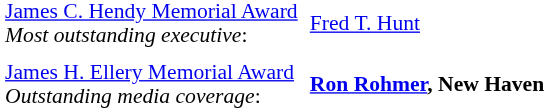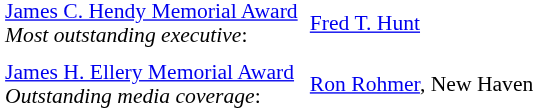 <table cellpadding="3" cellspacing="3">
 <tr>
 <td><a href='#'>James C. Hendy Memorial Award</a><br><em>Most outstanding executive</em>:</td>
 <td><a href='#'>Fred T. Hunt</a></td>
 </tr>
 <tr>
 <td><a href='#'>James H. Ellery Memorial Award</a> <br><em>Outstanding media coverage</em>:</td>
-<td><strong><a href='#'>Ron Rohmer</a>, New Haven</strong></td>
+<td><a href='#'>Ron Rohmer</a>, New Haven</td>
 </tr>
 </table>
